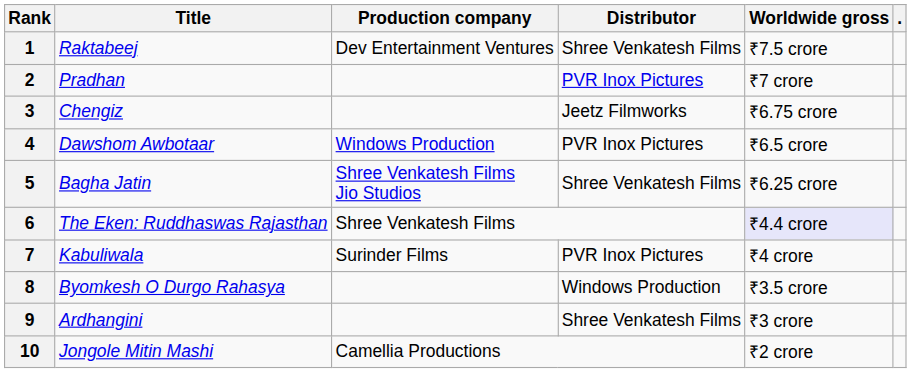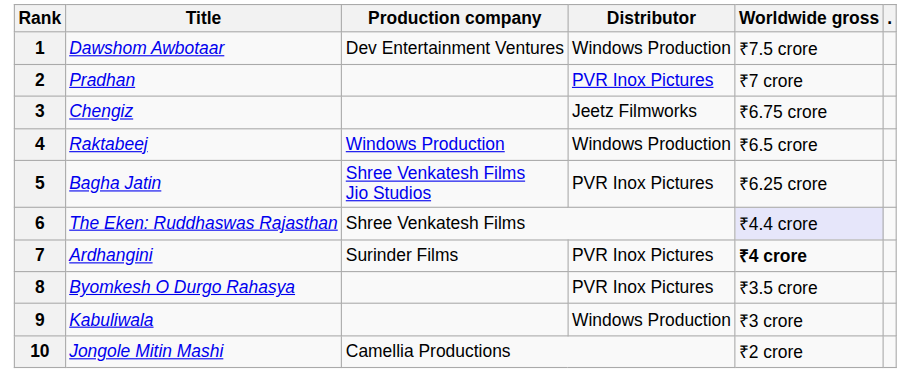 <table class="wikitable sortable" style="margin:auto; margin:auto;">
 <tr>
 <th>Rank</th>
 <th>Title</th>
 <th>Production company</th>
 <th>Distributor</th>
 <th>Worldwide gross</th>
 <th scope="col" class="unsortable">.</th>
 </tr>
 <tr>
 <th style="text-align:center;">1</th>
-<td><em><a href='#'>Raktabeej</a></em></td>
+<td><em><a href='#'>Dawshom Awbotaar</a></em></td>
 <td>Dev Entertainment Ventures</td>
-<td>Shree Venkatesh Films</td>
+<td>Windows Production</td>
 <td>₹7.5 crore</td>
 <td style="text-align:center;"></td>
 </tr>
 <tr>
 <th style="text-align:center;">2</th>
 <td><em><a href='#'>Pradhan</a></em></td>
 <td></td>
 <td><a href='#'>PVR Inox Pictures</a></td>
 <td>₹7 crore</td>
 <td style="text-align:center;"></td>
 </tr>
 <tr>
 <th style="text-align:center;">3</th>
 <td><em><a href='#'>Chengiz</a></em></td>
 <td></td>
 <td>Jeetz Filmworks</td>
 <td>₹6.75 crore</td>
 <td style="text-align:center;"></td>
 </tr>
 <tr>
 <th style="text-align:center;">4</th>
-<td><em><a href='#'>Dawshom Awbotaar</a></em></td>
+<td><em><a href='#'>Raktabeej</a></em></td>
 <td><a href='#'>Windows Production</a></td>
-<td>PVR Inox Pictures</td>
+<td>Windows Production</td>
 <td>₹6.5 crore</td>
 <td style="text-align:center;"></td>
 </tr>
 <tr>
 <th style="text-align:center;">5</th>
 <td><em><a href='#'>Bagha Jatin</a></em></td>
 <td><a href='#'>Shree Venkatesh Films</a><br><a href='#'>Jio Studios</a></td>
-<td>Shree Venkatesh Films</td>
+<td>PVR Inox Pictures</td>
 <td>₹6.25 crore</td>
 <td style="text-align:center;"></td>
 </tr>
 <tr>
 <th style="text-align:center;">6</th>
 <td><em><a href='#'>The Eken: Ruddhaswas Rajasthan</a></em></td>
 <td colspan="2">Shree Venkatesh Films</td>
 <td style="background: lavender;">₹4.4 crore</td>
 <td style="text-align:center;"></td>
 </tr>
 <tr>
 <th style="text-align:center;">7</th>
-<td style="text-align:left;"><em><a href='#'>Kabuliwala</a></em></td>
+<td><em><a href='#'>Ardhangini</a></em></td>
 <td>Surinder Films</td>
 <td>PVR Inox Pictures</td>
-<td>₹4 crore</td>
+<td><strong>₹4 crore</strong></td>
 <td style="text-align:center;"></td>
 </tr>
 <tr>
 <th style="text-align:center;">8</th>
 <td><em><a href='#'>Byomkesh O Durgo Rahasya</a></em></td>
 <td></td>
-<td>Windows Production</td>
+<td>PVR Inox Pictures</td>
 <td>₹3.5 crore</td>
 <td style="text-align:center;"></td>
 </tr>
 <tr>
 <th style="text-align:center;">9</th>
-<td><em><a href='#'>Ardhangini</a></em></td>
+<td style="text-align:left;"><em><a href='#'>Kabuliwala</a></em></td>
 <td></td>
-<td>Shree Venkatesh Films</td>
+<td>Windows Production</td>
 <td>₹3 crore</td>
 <td style="text-align:center;"></td>
 </tr>
 <tr>
 <th style="text-align:center;">10</th>
 <td><em><a href='#'>Jongole Mitin Mashi</a></em></td>
 <td colspan="2">Camellia Productions</td>
 <td>₹2 crore</td>
 <td style="text-align:center;"></td>
 </tr>
 </table>
